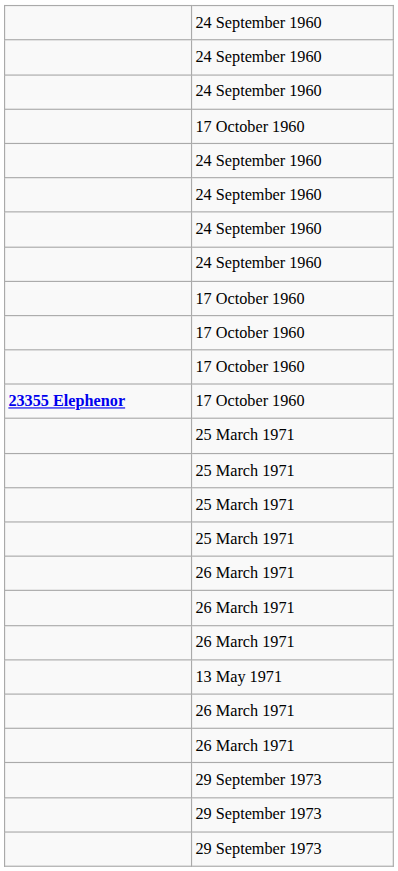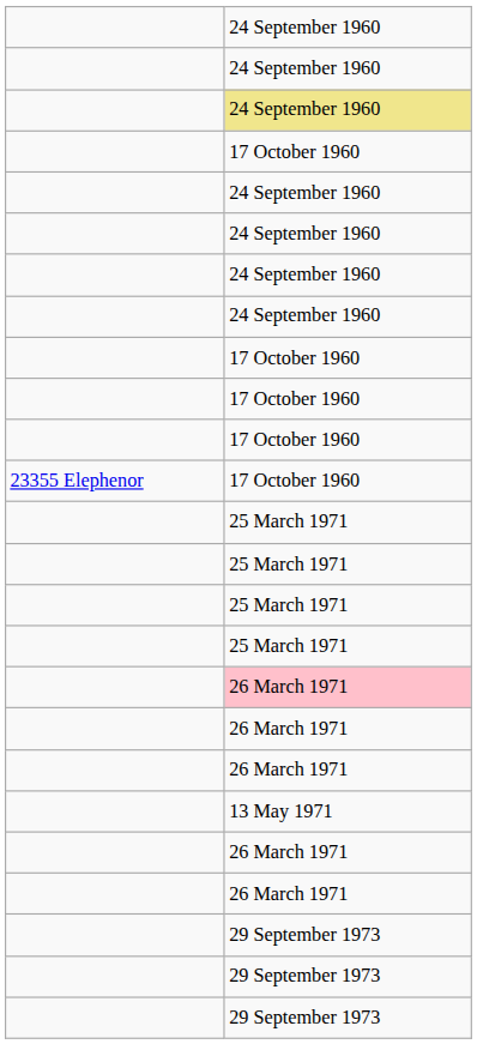 <table class="wikitable" style="font-size: 89%; float: left; width: 24em; margin-right: 1em; line-height: 1.65em">
 <tr>
 <td></td>
 <td>24 September 1960</td>
 </tr>
 <tr>
 <td></td>
 <td>24 September 1960</td>
 </tr>
 <tr>
 <td></td>
-<td>24 September 1960</td>
+<td style="background: khaki;">24 September 1960</td>
 </tr>
 <tr>
 <td></td>
 <td>17 October 1960</td>
 </tr>
 <tr>
 <td></td>
 <td>24 September 1960</td>
 </tr>
 <tr>
 <td></td>
 <td>24 September 1960</td>
 </tr>
 <tr>
 <td></td>
 <td>24 September 1960</td>
 </tr>
 <tr>
 <td></td>
 <td>24 September 1960</td>
 </tr>
 <tr>
 <td></td>
 <td>17 October 1960</td>
 </tr>
 <tr>
 <td></td>
 <td>17 October 1960</td>
 </tr>
 <tr>
 <td></td>
 <td>17 October 1960</td>
 </tr>
 <tr>
-<td><strong><a href='#'>23355 Elephenor</a></strong></td>
+<td><a href='#'>23355 Elephenor</a></td>
 <td>17 October 1960</td>
 </tr>
 <tr>
 <td></td>
 <td>25 March 1971</td>
 </tr>
 <tr>
 <td></td>
 <td>25 March 1971</td>
 </tr>
 <tr>
 <td></td>
 <td>25 March 1971</td>
 </tr>
 <tr>
 <td></td>
 <td>25 March 1971</td>
 </tr>
 <tr>
 <td></td>
-<td>26 March 1971</td>
+<td style="background: pink;">26 March 1971</td>
 </tr>
 <tr>
 <td></td>
 <td>26 March 1971</td>
 </tr>
 <tr>
 <td></td>
 <td>26 March 1971</td>
 </tr>
 <tr>
 <td></td>
 <td>13 May 1971</td>
 </tr>
 <tr>
 <td></td>
 <td>26 March 1971</td>
 </tr>
 <tr>
 <td></td>
 <td>26 March 1971</td>
 </tr>
 <tr>
 <td></td>
 <td>29 September 1973</td>
 </tr>
 <tr>
 <td></td>
 <td>29 September 1973</td>
 </tr>
 <tr>
 <td></td>
 <td>29 September 1973</td>
 </tr>
 </table>
